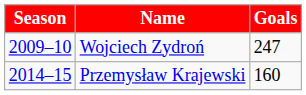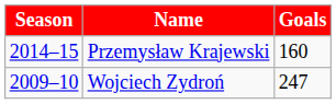 <table class="wikitable">
 <tr>
 <th style="color:#FFFFFF; background:#FF0000">Season</th>
 <th style="color:#FFFFFF; background:#FF0000">Name</th>
 <th style="color:#FFFFFF; background:#FF0000">Goals</th>
 </tr>
 <tr>
+<td><a href='#'>2014–15</a></td>
+<td> <a href='#'>Przemysław Krajewski</a></td>
+<td>160</td>
+</tr>
+<tr>
 <td><a href='#'>2009–10</a></td>
 <td> <a href='#'>Wojciech Zydroń</a></td>
 <td>247</td>
 </tr>
-<tr>
-<td><a href='#'>2014–15</a></td>
-<td> <a href='#'>Przemysław Krajewski</a></td>
-<td>160</td>
-</tr>
 </table>
